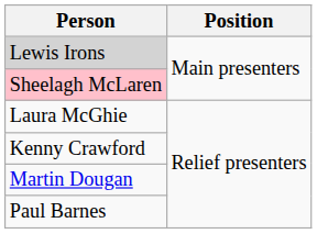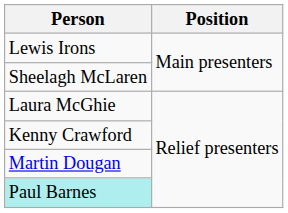 <table class="wikitable">
 <tr>
 <th>Person</th>
 <th>Position</th>
 </tr>
 <tr>
-<td style="background: lightgrey;">Lewis Irons</td>
+<td>Lewis Irons</td>
 <td rowspan="2">Main presenters</td>
 </tr>
 <tr>
-<td style="background: pink;">Sheelagh McLaren</td>
+<td>Sheelagh McLaren</td>
 </tr>
 <tr>
 <td>Laura McGhie</td>
 <td rowspan="4">Relief presenters</td>
 </tr>
 <tr>
 <td>Kenny Crawford</td>
 </tr>
 <tr>
 <td><a href='#'>Martin Dougan</a></td>
 </tr>
 <tr>
-<td>Paul Barnes</td>
+<td style="background: paleturquoise;">Paul Barnes</td>
 </tr>
 </table>
